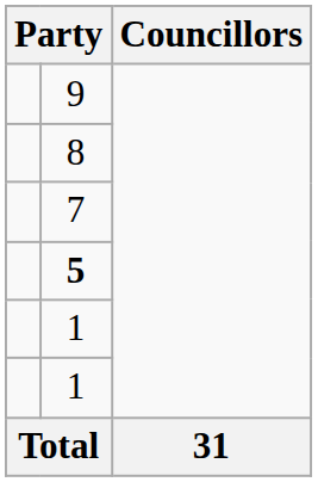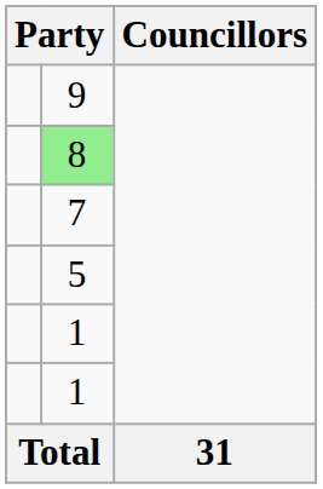 <table class="wikitable">
 <tr>
 <th colspan=2>Party</th>
 <th>Councillors</th>
 </tr>
 <tr>
 <td></td>
 <td align=center>9</td>
 </tr>
 <tr>
 <td></td>
-<td align=center>8</td>
+<td align=center style="background: lightgreen;">8</td>
 </tr>
 <tr>
 <td></td>
 <td align=center>7</td>
 </tr>
 <tr>
 <td></td>
-<td align=center><strong>5</strong></td>
+<td align=center>5</td>
 </tr>
 <tr>
 <td></td>
 <td align=center>1</td>
 </tr>
 <tr>
 <td></td>
 <td align=center>1</td>
 </tr>
 <tr>
 <th colspan=2>Total</th>
 <th align=center>31</th>
 </tr>
 </table>
